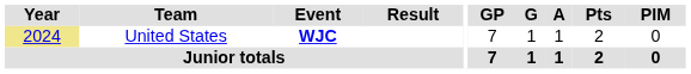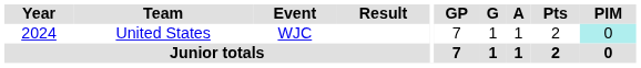 <table border="0" cellpadding="1" cellspacing="0" ID="Table3" style="text-align:center; width:40em">
 <tr ALIGN="center" bgcolor="#e0e0e0">
 <th>Year</th>
 <th>Team</th>
 <th>Event</th>
 <th>Result</th>
 <th rowspan="100" bgcolor="#ffffff"></th>
 <th>GP</th>
 <th>G</th>
 <th>A</th>
 <th>Pts</th>
 <th>PIM</th>
 </tr>
 <tr>
-<td style="background: khaki;"><a href='#'>2024</a></td>
+<td><a href='#'>2024</a></td>
 <td><a href='#'>United States</a></td>
-<td><strong><a href='#'>WJC</a></strong></td>
+<td><a href='#'>WJC</a></td>
 <td></td>
 <td>7</td>
 <td>1</td>
 <td>1</td>
 <td>2</td>
-<td>0</td>
+<td style="background: paleturquoise;">0</td>
 </tr>
 <tr bgcolor="#e0e0e0">
 <th colspan="4">Junior totals</th>
 <th>7</th>
 <th>1</th>
 <th>1</th>
 <th>2</th>
 <th>0</th>
 </tr>
 </table>
